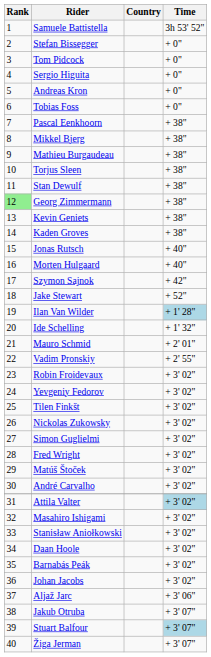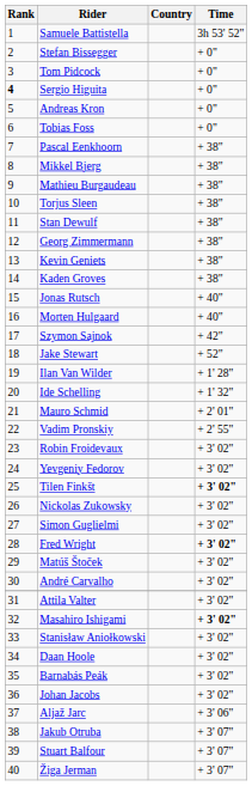 <table class="wikitable" style="font-size:95%; text-align:left;">
 <tr>
 <th>Rank</th>
 <th>Rider</th>
 <th>Country</th>
 <th>Time</th>
 </tr>
 <tr>
 <td>1</td>
 <td><a href='#'>Samuele Battistella</a></td>
 <td></td>
 <td>3h 53' 52"</td>
 </tr>
 <tr>
 <td>2</td>
 <td><a href='#'>Stefan Bissegger</a></td>
 <td></td>
 <td>+ 0"</td>
 </tr>
 <tr>
 <td>3</td>
 <td><a href='#'>Tom Pidcock</a></td>
 <td></td>
 <td>+ 0"</td>
 </tr>
 <tr>
-<td>4</td>
+<td><strong>4</strong></td>
 <td><a href='#'>Sergio Higuita</a></td>
 <td></td>
 <td>+ 0"</td>
 </tr>
 <tr>
 <td>5</td>
 <td><a href='#'>Andreas Kron</a></td>
 <td></td>
 <td>+ 0"</td>
 </tr>
 <tr>
 <td>6</td>
 <td><a href='#'>Tobias Foss</a></td>
 <td></td>
 <td>+ 0"</td>
 </tr>
 <tr>
 <td>7</td>
 <td><a href='#'>Pascal Eenkhoorn</a></td>
 <td></td>
 <td>+ 38"</td>
 </tr>
 <tr>
 <td>8</td>
 <td><a href='#'>Mikkel Bjerg</a></td>
 <td></td>
 <td>+ 38"</td>
 </tr>
 <tr>
 <td>9</td>
 <td><a href='#'>Mathieu Burgaudeau</a></td>
 <td></td>
 <td>+ 38"</td>
 </tr>
 <tr>
 <td>10</td>
 <td><a href='#'>Torjus Sleen</a></td>
 <td></td>
 <td>+ 38"</td>
 </tr>
 <tr>
 <td>11</td>
 <td><a href='#'>Stan Dewulf</a></td>
 <td></td>
 <td>+ 38"</td>
 </tr>
 <tr>
-<td style="background: lightgreen;">12</td>
+<td>12</td>
 <td><a href='#'>Georg Zimmermann</a></td>
 <td></td>
 <td>+ 38"</td>
 </tr>
 <tr>
 <td>13</td>
 <td><a href='#'>Kevin Geniets</a></td>
 <td></td>
 <td>+ 38"</td>
 </tr>
 <tr>
 <td>14</td>
 <td><a href='#'>Kaden Groves</a></td>
 <td></td>
 <td>+ 38"</td>
 </tr>
 <tr>
 <td>15</td>
 <td><a href='#'>Jonas Rutsch</a></td>
 <td></td>
 <td>+ 40"</td>
 </tr>
 <tr>
 <td>16</td>
 <td><a href='#'>Morten Hulgaard</a></td>
 <td></td>
 <td>+ 40"</td>
 </tr>
 <tr>
 <td>17</td>
 <td><a href='#'>Szymon Sajnok</a></td>
 <td></td>
 <td>+ 42"</td>
 </tr>
 <tr>
 <td>18</td>
 <td><a href='#'>Jake Stewart</a></td>
 <td></td>
 <td>+ 52"</td>
 </tr>
 <tr>
 <td>19</td>
 <td><a href='#'>Ilan Van Wilder</a></td>
 <td></td>
-<td style="background: lightblue;">+ 1' 28"</td>
+<td>+ 1' 28"</td>
 </tr>
 <tr>
 <td>20</td>
 <td><a href='#'>Ide Schelling</a></td>
 <td></td>
 <td>+ 1' 32"</td>
 </tr>
 <tr>
 <td>21</td>
 <td><a href='#'>Mauro Schmid</a></td>
 <td></td>
 <td>+ 2' 01"</td>
 </tr>
 <tr>
 <td>22</td>
 <td><a href='#'>Vadim Pronskiy</a></td>
 <td></td>
 <td>+ 2' 55"</td>
 </tr>
 <tr>
 <td>23</td>
 <td><a href='#'>Robin Froidevaux</a></td>
 <td></td>
 <td>+ 3' 02"</td>
 </tr>
 <tr>
 <td>24</td>
 <td><a href='#'>Yevgeniy Fedorov</a></td>
 <td></td>
 <td>+ 3' 02"</td>
 </tr>
 <tr>
 <td>25</td>
 <td><a href='#'>Tilen Finkšt</a></td>
 <td></td>
-<td>+ 3' 02"</td>
+<td><strong>+ 3' 02"</strong></td>
 </tr>
 <tr>
 <td>26</td>
 <td><a href='#'>Nickolas Zukowsky</a></td>
 <td></td>
 <td>+ 3' 02"</td>
 </tr>
 <tr>
 <td>27</td>
 <td><a href='#'>Simon Guglielmi</a></td>
 <td></td>
 <td>+ 3' 02"</td>
 </tr>
 <tr>
 <td>28</td>
 <td><a href='#'>Fred Wright</a></td>
 <td></td>
-<td>+ 3' 02"</td>
+<td><strong>+ 3' 02"</strong></td>
 </tr>
 <tr>
 <td>29</td>
 <td><a href='#'>Matúš Štoček</a></td>
 <td></td>
 <td>+ 3' 02"</td>
 </tr>
 <tr>
 <td>30</td>
 <td><a href='#'>André Carvalho</a></td>
 <td></td>
 <td>+ 3' 02"</td>
 </tr>
 <tr>
 </tr>
 <tr>
 <td>31</td>
 <td><a href='#'>Attila Valter</a></td>
 <td></td>
-<td style="background: lightblue;">+ 3' 02"</td>
+<td>+ 3' 02"</td>
 </tr>
 <tr>
 <td>32</td>
 <td><a href='#'>Masahiro Ishigami</a></td>
 <td></td>
-<td>+ 3' 02"</td>
+<td><strong>+ 3' 02"</strong></td>
 </tr>
 <tr>
 <td>33</td>
 <td><a href='#'>Stanisław Aniołkowski</a></td>
 <td></td>
 <td>+ 3' 02"</td>
 </tr>
 <tr>
 <td>34</td>
 <td><a href='#'>Daan Hoole</a></td>
 <td></td>
 <td>+ 3' 02"</td>
 </tr>
 <tr>
 <td>35</td>
 <td><a href='#'>Barnabás Peák</a></td>
 <td></td>
 <td>+ 3' 02"</td>
 </tr>
 <tr>
 <td>36</td>
 <td><a href='#'>Johan Jacobs</a></td>
 <td></td>
 <td>+ 3' 02"</td>
 </tr>
 <tr>
 <td>37</td>
 <td><a href='#'>Aljaž Jarc</a></td>
 <td></td>
 <td>+ 3' 06"</td>
 </tr>
 <tr>
 <td>38</td>
 <td><a href='#'>Jakub Otruba</a></td>
 <td></td>
 <td>+ 3' 07"</td>
 </tr>
 <tr>
 <td>39</td>
 <td><a href='#'>Stuart Balfour</a></td>
 <td></td>
-<td style="background: lightblue;">+ 3' 07"</td>
+<td>+ 3' 07"</td>
 </tr>
 <tr>
 <td>40</td>
 <td><a href='#'>Žiga Jerman</a></td>
 <td></td>
 <td>+ 3' 07"</td>
 </tr>
 </table>
